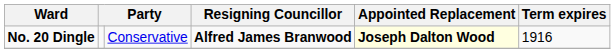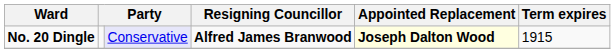 <table class="wikitable">
 <tr>
 <th>Ward</th>
 <th colspan="2">Party</th>
 <th>Resigning Councillor</th>
 <th>Appointed Replacement</th>
 <th>Term expires</th>
 </tr>
 <tr>
 <td><strong>No. 20 Dingle</strong></td>
 <td style="background-color:"></td>
-<td><a href='#'>Conservative</a></td>
+<td style="background: lavender;"><a href='#'>Conservative</a></td>
 <td><strong>Alfred James Branwood</strong></td>
 <td style="background: lightyellow;"><strong>Joseph Dalton Wood</strong></td>
-<td>1916</td>
+<td>1915</td>
 </tr>
 <tr>
 </tr>
 </table>
